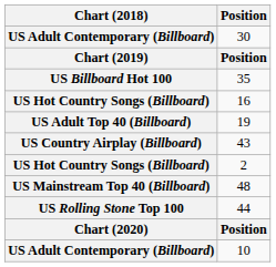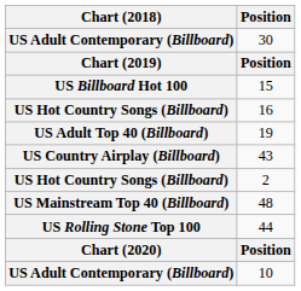 <table class="wikitable sortable plainrowheaders" style="text-align:center">
 <tr>
 <th scope="col">Chart (2018)</th>
 <th scope="col">Position</th>
 </tr>
 <tr>
 <th scope="row">US Adult Contemporary (<em>Billboard</em>)</th>
 <td>30</td>
 </tr>
 <tr>
 <th scope="col">Chart (2019)</th>
 <th scope="col">Position</th>
 </tr>
 <tr>
 <th scope="row">US <em>Billboard</em> Hot 100</th>
-<td>35</td>
+<td>15</td>
 </tr>
 <tr>
 <th scope="row">US Hot Country Songs (<em>Billboard</em>)</th>
 <td>16</td>
 </tr>
 <tr>
 <th scope="row">US Adult Top 40 (<em>Billboard</em>)</th>
 <td>19</td>
 </tr>
 <tr>
 <th scope="row">US Country Airplay (<em>Billboard</em>)</th>
 <td>43</td>
 </tr>
 <tr>
 <th scope="row">US Hot Country Songs (<em>Billboard</em>)</th>
 <td>2</td>
 </tr>
 <tr>
 <th scope="row">US Mainstream Top 40 (<em>Billboard</em>)</th>
 <td>48</td>
 </tr>
 <tr>
 <th scope="row">US <em>Rolling Stone</em> Top 100</th>
 <td>44</td>
 </tr>
 <tr>
 <th scope="col">Chart (2020)</th>
 <th scope="col">Position</th>
 </tr>
 <tr>
 <th scope="row">US Adult Contemporary (<em>Billboard</em>)</th>
 <td>10</td>
 </tr>
 </table>
